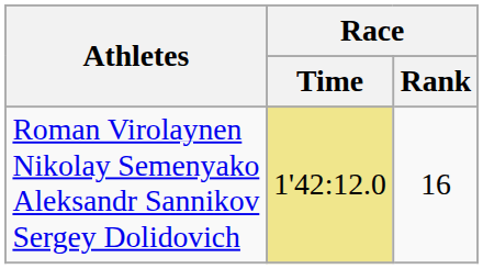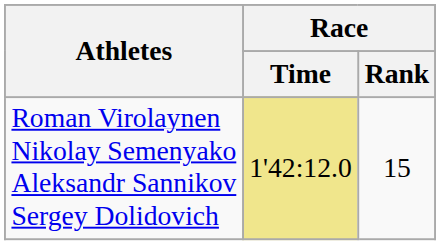 <table class="wikitable" border="1" style="font-size:90%">
 <tr>
 <th rowspan=2>Athletes</th>
 <th colspan=2>Race</th>
 </tr>
 <tr>
 <th>Time</th>
 <th>Rank</th>
 </tr>
 <tr>
 <td><a href='#'>Roman Virolaynen</a><br><a href='#'>Nikolay Semenyako</a><br><a href='#'>Aleksandr Sannikov</a><br><a href='#'>Sergey Dolidovich</a></td>
 <td align=center style="background: khaki;">1'42:12.0</td>
-<td align=center>16</td>
+<td align=center>15</td>
 </tr>
 </table>
